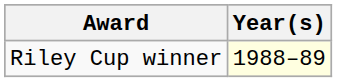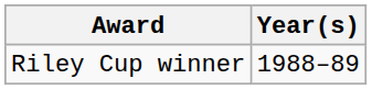 <table class="wikitable">
 <tr>
 <th>Award</th>
 <th>Year(s)</th>
 </tr>
 <tr>
 <td>Riley Cup winner</td>
-<td style="background: lightyellow;">1988–89</td>
+<td>1988–89</td>
 </tr>
 </table>
